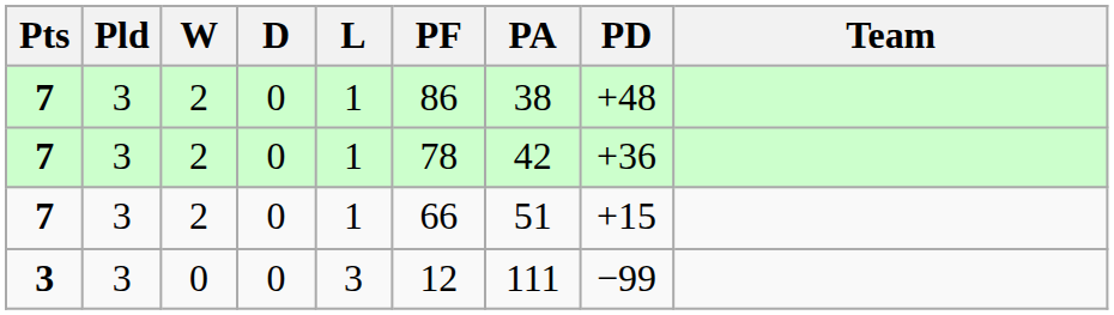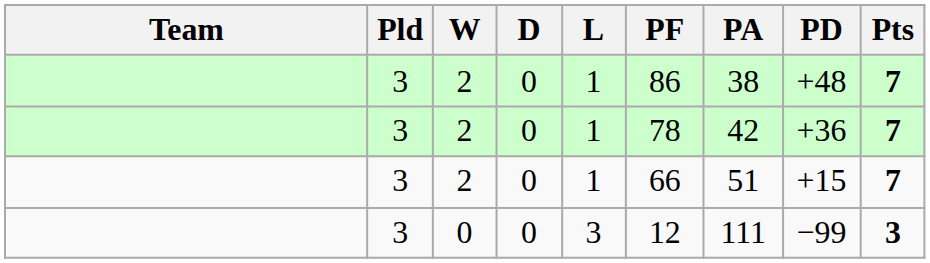 <table class="wikitable" style="text-align:center;">
 <tr>
-<th width=25 abbr="Points">Pts</th>
+<th width=175>Team</th>
 <th width=25 abbr="Played">Pld</th>
 <th width=25 abbr="Won">W</th>
 <th width=25 abbr="Drawn">D</th>
 <th width=25 abbr="Lost">L</th>
 <th width=32 abbr="Points for">PF</th>
 <th width=32 abbr="Points against">PA</th>
 <th width=32 abbr="Points difference">PD</th>
-<th width=175>Team</th>
+<th width=25 abbr="Points">Pts</th>
 </tr>
 <tr style="background:#cfc;">
-<td><strong>7</strong></td>
+<td align=left></td>
 <td>3</td>
 <td>2</td>
 <td>0</td>
 <td>1</td>
 <td>86</td>
 <td>38</td>
 <td>+48</td>
-<td align=left></td>
+<td><strong>7</strong></td>
 </tr>
 <tr style="background:#cfc;">
-<td><strong>7</strong></td>
+<td align=left></td>
 <td>3</td>
 <td>2</td>
 <td>0</td>
 <td>1</td>
 <td>78</td>
 <td>42</td>
 <td>+36</td>
-<td align=left></td>
+<td><strong>7</strong></td>
 </tr>
 <tr>
-<td><strong>7</strong></td>
+<td align=left></td>
 <td>3</td>
 <td>2</td>
 <td>0</td>
 <td>1</td>
 <td>66</td>
 <td>51</td>
 <td>+15</td>
-<td align=left></td>
+<td><strong>7</strong></td>
 </tr>
 <tr>
-<td><strong>3</strong></td>
+<td align=left></td>
 <td>3</td>
 <td>0</td>
 <td>0</td>
 <td>3</td>
 <td>12</td>
 <td>111</td>
 <td>−99</td>
-<td align=left></td>
+<td><strong>3</strong></td>
 </tr>
 </table>
